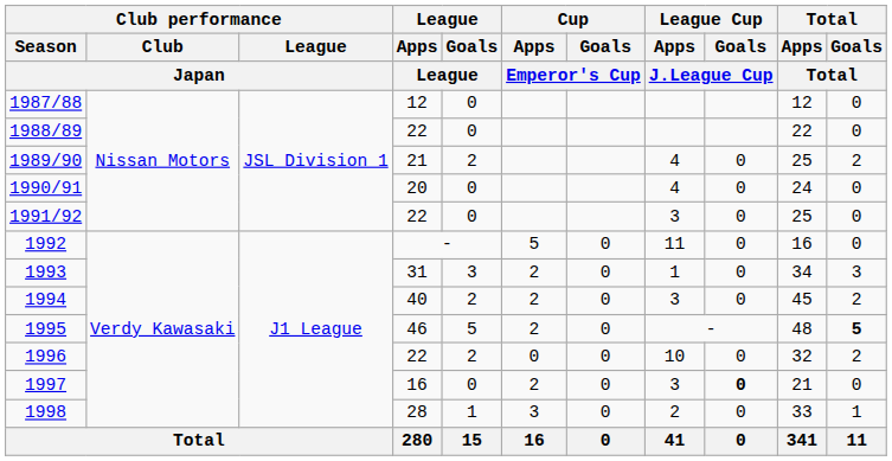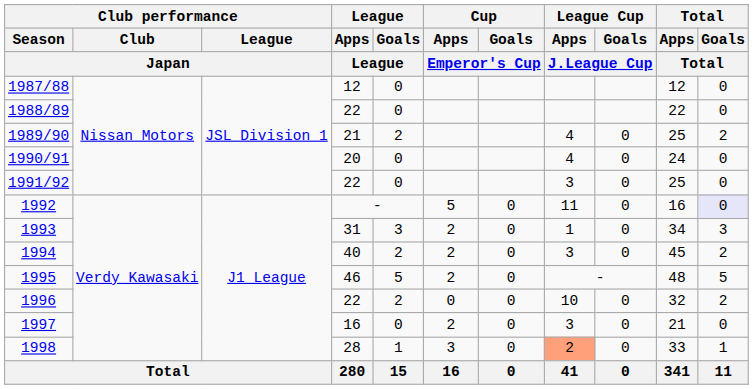 <table class="wikitable" style="text-align:center;">
 <tr>
 <th colspan=3>Club performance</th>
 <th colspan=2>League</th>
 <th colspan=2>Cup</th>
 <th colspan=2>League Cup</th>
 <th colspan=2>Total</th>
 </tr>
 <tr>
 <th>Season</th>
 <th>Club</th>
 <th>League</th>
 <th>Apps</th>
 <th>Goals</th>
 <th>Apps</th>
 <th>Goals</th>
 <th>Apps</th>
 <th>Goals</th>
 <th>Apps</th>
 <th>Goals</th>
 </tr>
 <tr>
 <th colspan=3>Japan</th>
 <th colspan=2>League</th>
 <th colspan=2><a href='#'>Emperor's Cup</a></th>
 <th colspan=2><a href='#'>J.League Cup</a></th>
 <th colspan=2>Total</th>
 </tr>
 <tr>
 <td><a href='#'>1987/88</a></td>
 <td rowspan="5"><a href='#'>Nissan Motors</a></td>
 <td rowspan="5"><a href='#'>JSL Division 1</a></td>
 <td>12</td>
 <td>0</td>
 <td></td>
 <td></td>
 <td></td>
 <td></td>
 <td>12</td>
 <td>0</td>
 </tr>
 <tr>
 <td><a href='#'>1988/89</a></td>
 <td>22</td>
 <td>0</td>
 <td></td>
 <td></td>
 <td></td>
 <td></td>
 <td>22</td>
 <td>0</td>
 </tr>
 <tr>
 <td><a href='#'>1989/90</a></td>
 <td>21</td>
 <td>2</td>
 <td></td>
 <td></td>
 <td>4</td>
 <td>0</td>
 <td>25</td>
 <td>2</td>
 </tr>
 <tr>
 <td><a href='#'>1990/91</a></td>
 <td>20</td>
 <td>0</td>
 <td></td>
 <td></td>
 <td>4</td>
 <td>0</td>
 <td>24</td>
 <td>0</td>
 </tr>
 <tr>
 <td><a href='#'>1991/92</a></td>
 <td>22</td>
 <td>0</td>
 <td></td>
 <td></td>
 <td>3</td>
 <td>0</td>
 <td>25</td>
 <td>0</td>
 </tr>
 <tr>
 <td><a href='#'>1992</a></td>
 <td rowspan="7"><a href='#'>Verdy Kawasaki</a></td>
 <td rowspan="7"><a href='#'>J1 League</a></td>
 <td colspan="2">-</td>
 <td>5</td>
 <td>0</td>
 <td>11</td>
 <td>0</td>
 <td>16</td>
-<td>0</td>
+<td style="background: lavender;">0</td>
 </tr>
 <tr>
 <td><a href='#'>1993</a></td>
 <td>31</td>
 <td>3</td>
 <td>2</td>
 <td>0</td>
 <td>1</td>
 <td>0</td>
 <td>34</td>
 <td>3</td>
 </tr>
 <tr>
 <td><a href='#'>1994</a></td>
 <td>40</td>
 <td>2</td>
 <td>2</td>
 <td>0</td>
 <td>3</td>
 <td>0</td>
 <td>45</td>
 <td>2</td>
 </tr>
 <tr>
 <td><a href='#'>1995</a></td>
 <td>46</td>
 <td>5</td>
 <td>2</td>
 <td>0</td>
 <td colspan="2">-</td>
 <td>48</td>
-<td><strong>5</strong></td>
+<td>5</td>
 </tr>
 <tr>
 <td><a href='#'>1996</a></td>
 <td>22</td>
 <td>2</td>
 <td>0</td>
 <td>0</td>
 <td>10</td>
 <td>0</td>
 <td>32</td>
 <td>2</td>
 </tr>
 <tr>
 <td><a href='#'>1997</a></td>
 <td>16</td>
 <td>0</td>
 <td>2</td>
 <td>0</td>
 <td>3</td>
-<td><strong>0</strong></td>
+<td>0</td>
 <td>21</td>
 <td>0</td>
 </tr>
 <tr>
 <td><a href='#'>1998</a></td>
 <td>28</td>
 <td>1</td>
 <td>3</td>
 <td>0</td>
-<td>2</td>
+<td style="background: lightsalmon;">2</td>
 <td>0</td>
 <td>33</td>
 <td>1</td>
 </tr>
 <tr>
 <th colspan=3>Total</th>
 <th>280</th>
 <th>15</th>
 <th>16</th>
 <th>0</th>
 <th>41</th>
 <th>0</th>
 <th>341</th>
 <th>11</th>
 </tr>
 </table>
